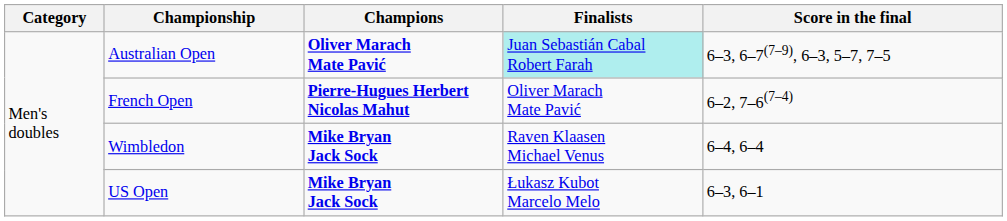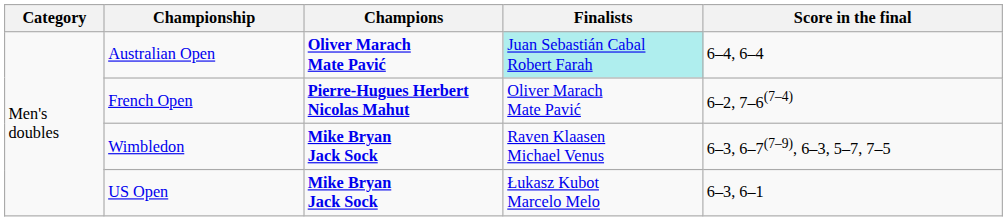 <table class="wikitable" style="font-size:90%;" width=100%>
 <tr>
 <th style="width: 10%;">Category</th>
 <th style="width: 20%;">Championship</th>
 <th style="width: 20%;">Champions</th>
 <th style="width: 20%;">Finalists</th>
 <th style="width: 30%;">Score in the final</th>
 </tr>
 <tr>
 <td rowspan="4">Men's doubles</td>
 <td><a href='#'>Australian Open</a></td>
 <td> <strong><a href='#'>Oliver Marach</a></strong><br> <strong><a href='#'>Mate Pavić</a></strong></td>
 <td style="background: paleturquoise;"> <a href='#'>Juan Sebastián Cabal</a><br> <a href='#'>Robert Farah</a></td>
-<td>6–3, 6–7<sup>(7–9)</sup>, 6–3, 5–7, 7–5</td>
+<td>6–4, 6–4</td>
 </tr>
 <tr>
 <td><a href='#'>French Open</a></td>
 <td> <strong><a href='#'>Pierre-Hugues Herbert</a></strong><br> <strong><a href='#'>Nicolas Mahut</a></strong></td>
 <td> <a href='#'>Oliver Marach</a><br> <a href='#'>Mate Pavić</a></td>
 <td>6–2, 7–6<sup>(7–4)</sup></td>
 </tr>
 <tr>
 <td><a href='#'>Wimbledon</a></td>
 <td> <strong><a href='#'>Mike Bryan</a></strong><br> <strong><a href='#'>Jack Sock</a></strong></td>
 <td> <a href='#'>Raven Klaasen</a><br> <a href='#'>Michael Venus</a></td>
-<td>6–4, 6–4</td>
+<td>6–3, 6–7<sup>(7–9)</sup>, 6–3, 5–7, 7–5</td>
 </tr>
 <tr>
 <td><a href='#'>US Open</a></td>
 <td> <strong><a href='#'>Mike Bryan</a></strong> <br>  <strong><a href='#'>Jack Sock</a></strong></td>
 <td> <a href='#'>Łukasz Kubot</a> <br>  <a href='#'>Marcelo Melo</a></td>
 <td>6–3, 6–1</td>
 </tr>
 </table>
